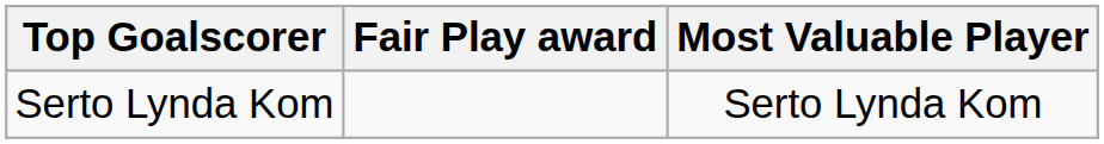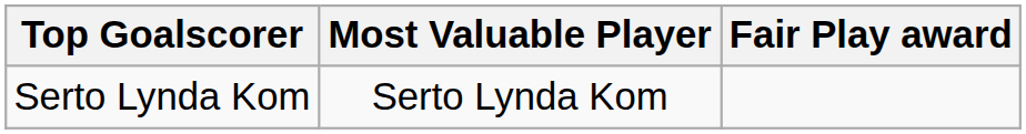 <table class="wikitable" style="text-align: center; margin: 0 auto;">
 <tr>
 <th>Top Goalscorer</th>
+<th>Most Valuable Player</th>
 <th>Fair Play award</th>
-<th>Most Valuable Player</th>
 </tr>
 <tr>
 <td> Serto Lynda Kom</td>
+<td> Serto Lynda Kom</td>
 <td></td>
-<td> Serto Lynda Kom</td>
 </tr>
 </table>
